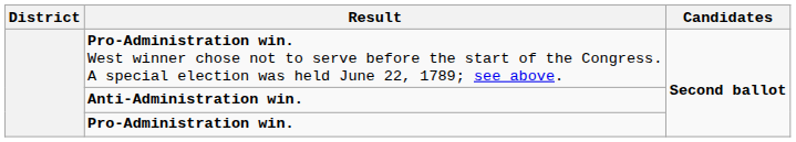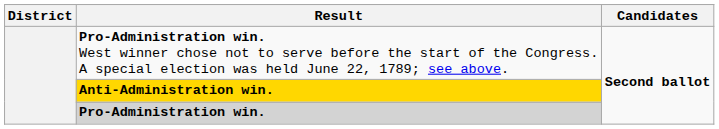 <table class=wikitable>
 <tr valign=bottom>
 <th>District</th>
 <th>Result</th>
 <th>Candidates</th>
 </tr>
 <tr>
 <th rowspan=3><br></th>
 <td><strong>Pro-Administration win.</strong><br>West winner chose not to serve before the start of the Congress.<br>A special election was held June 22, 1789; <a href='#'>see above</a>.</td>
 <td nowrap rowspan=3><br><strong>Second ballot </strong><br></td>
 </tr>
 <tr>
-<td><strong>Anti-Administration win.</strong></td>
+<td style="background: gold;"><strong>Anti-Administration win.</strong></td>
 </tr>
 <tr>
-<td><strong>Pro-Administration win.</strong></td>
+<td style="background: lightgrey;"><strong>Pro-Administration win.</strong></td>
 </tr>
 </table>
